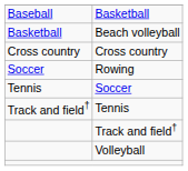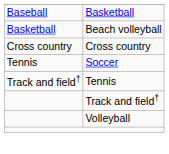 <table class="wikitable">
 <tr>
 </tr>
 <tr>
 <td><a href='#'>Baseball</a></td>
 <td><a href='#'>Basketball</a></td>
 </tr>
 <tr>
 <td><a href='#'>Basketball</a></td>
 <td>Beach volleyball</td>
 </tr>
 <tr>
 <td>Cross country</td>
 <td>Cross country</td>
-</tr>
-<tr>
-<td><a href='#'>Soccer</a></td>
-<td>Rowing</td>
 </tr>
 <tr>
 <td>Tennis</td>
 <td><a href='#'>Soccer</a></td>
 </tr>
 <tr>
 <td>Track and field<sup>†</sup></td>
 <td>Tennis</td>
 </tr>
 <tr>
 <td></td>
 <td>Track and field<sup>†</sup></td>
 </tr>
 <tr>
 <td></td>
 <td>Volleyball</td>
 </tr>
 <tr>
 <td colspan="2"></td>
 </tr>
 </table>
